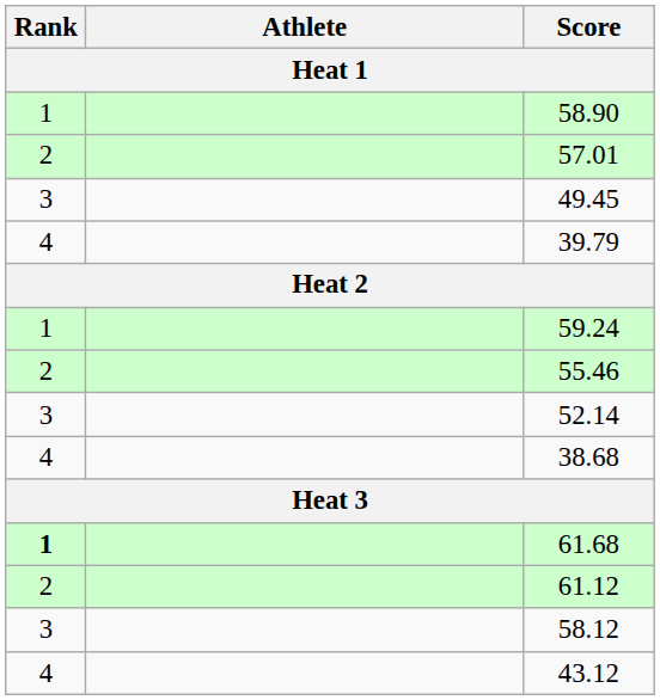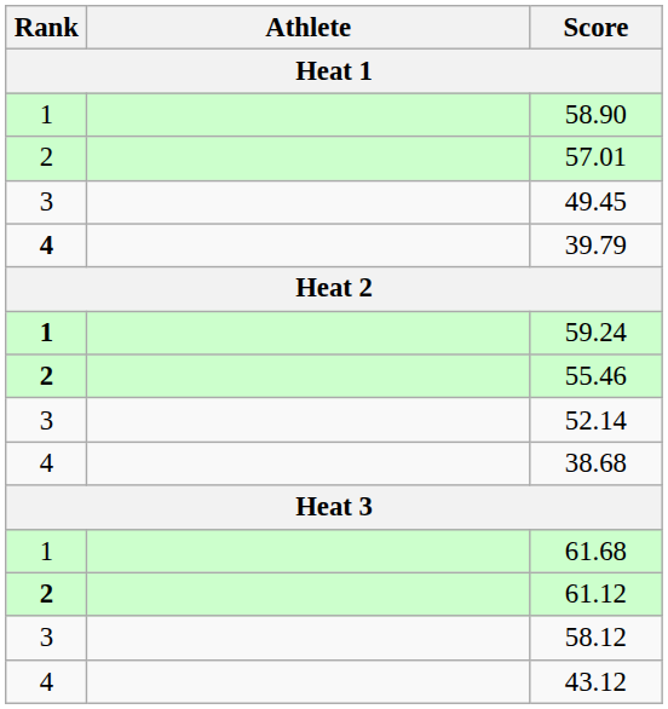 <table class=wikitable style="text-align:center">
 <tr>
 <th width=40>Rank</th>
 <th width=250>Athlete</th>
 <th width=70>Score</th>
 </tr>
 <tr>
 <th colspan=3>Heat 1</th>
 </tr>
 <tr bgcolor="ccffcc">
 <td>1</td>
 <td align=left></td>
 <td>58.90</td>
 </tr>
 <tr bgcolor="ccffcc">
 <td>2</td>
 <td align=left></td>
 <td>57.01</td>
 </tr>
 <tr>
 <td>3</td>
 <td align=left></td>
 <td>49.45</td>
 </tr>
 <tr>
-<td>4</td>
+<td><strong>4</strong></td>
 <td align=left></td>
 <td>39.79</td>
 </tr>
 <tr>
 <th colspan=3>Heat 2</th>
 </tr>
 <tr bgcolor="ccffcc">
-<td>1</td>
+<td><strong>1</strong></td>
 <td align=left></td>
 <td>59.24</td>
 </tr>
 <tr bgcolor="ccffcc">
-<td>2</td>
+<td><strong>2</strong></td>
 <td align=left></td>
 <td>55.46</td>
 </tr>
 <tr>
 <td>3</td>
 <td align=left></td>
 <td>52.14</td>
 </tr>
 <tr>
 <td>4</td>
 <td align=left></td>
 <td>38.68</td>
 </tr>
 <tr>
 <th colspan=3>Heat 3</th>
 </tr>
 <tr bgcolor="ccffcc">
-<td><strong>1</strong></td>
+<td>1</td>
 <td align=left></td>
 <td>61.68</td>
 </tr>
 <tr bgcolor="ccffcc">
-<td>2</td>
+<td><strong>2</strong></td>
 <td align=left></td>
 <td>61.12</td>
 </tr>
 <tr>
 <td>3</td>
 <td align=left></td>
 <td>58.12</td>
 </tr>
 <tr>
 <td>4</td>
 <td align=left></td>
 <td>43.12</td>
 </tr>
 </table>
